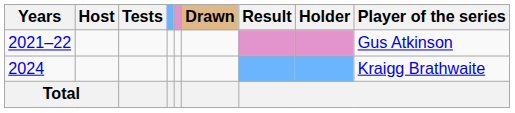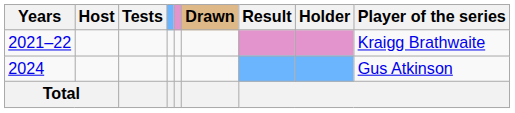 <table class="wikitable unsortable">
 <tr>
 <th scope="col">Years</th>
 <th scope="col">Host</th>
 <th scope="col">Tests</th>
 <th scope="col" style="background:#6bb5ff"></th>
 <th scope="col" style="background:#E494CC"></th>
 <th scope="col" style="background:#deb887">Drawn</th>
 <th scope="col" class="unsortable">Result</th>
 <th scope="col" class="unsortable">Holder</th>
 <th scope="col" class="unsortable">Player of the series</th>
 </tr>
 <tr>
 <td><a href='#'>2021–22</a></td>
 <td></td>
 <td></td>
 <td></td>
 <td></td>
 <td></td>
 <td style="background:#E494CC"></td>
 <td style="background:#E494CC"></td>
-<td> <a href='#'>Gus Atkinson</a></td>
+<td> <a href='#'>Kraigg Brathwaite</a></td>
 </tr>
 <tr>
 <td><a href='#'>2024</a></td>
 <td></td>
 <td></td>
 <td></td>
 <td></td>
 <td></td>
 <td style="background:#6bb5ff"></td>
 <td style="background:#6bb5ff"></td>
-<td> <a href='#'>Kraigg Brathwaite</a></td>
+<td> <a href='#'>Gus Atkinson</a></td>
 </tr>
 <tr>
 <th colspan="2" align="center" style="bold">Total</th>
 <th></th>
 <th></th>
 <th></th>
 <th></th>
 <th colspan="3" align="center" style="bold"></th>
 </tr>
 </table>
